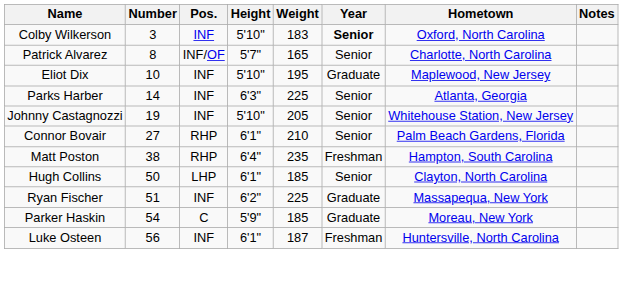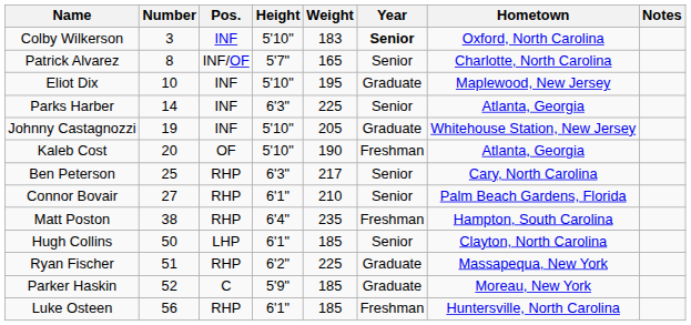 <table class="wikitable sortable sortable" style="text-align: center">
 <tr align=center>
 <th>Name</th>
 <th>Number</th>
 <th>Pos.</th>
 <th>Height</th>
 <th>Weight</th>
 <th>Year</th>
 <th>Hometown</th>
 <th>Notes</th>
 </tr>
 <tr>
 <td>Colby Wilkerson</td>
 <td>3</td>
 <td><a href='#'>INF</a></td>
 <td>5'10"</td>
 <td>183</td>
 <td><strong>Senior</strong></td>
 <td><a href='#'>Oxford, North Carolina</a></td>
 <td></td>
 </tr>
 <tr>
 <td>Patrick Alvarez</td>
 <td>8</td>
 <td>INF/<a href='#'>OF</a></td>
 <td>5'7"</td>
 <td>165</td>
 <td>Senior</td>
 <td><a href='#'>Charlotte, North Carolina</a></td>
 <td></td>
 </tr>
 <tr>
 <td>Eliot Dix</td>
 <td>10</td>
 <td>INF</td>
 <td>5'10"</td>
 <td>195</td>
 <td>Graduate</td>
 <td><a href='#'>Maplewood, New Jersey</a></td>
 <td></td>
 </tr>
 <tr>
 <td>Parks Harber</td>
 <td>14</td>
 <td>INF</td>
 <td>6'3"</td>
 <td>225</td>
 <td>Senior</td>
 <td><a href='#'>Atlanta, Georgia</a></td>
 <td></td>
 </tr>
 <tr>
 <td>Johnny Castagnozzi</td>
 <td>19</td>
 <td>INF</td>
 <td>5'10"</td>
 <td>205</td>
+<td>Graduate</td>
+<td><a href='#'>Whitehouse Station, New Jersey</a></td>
+<td></td>
+</tr>
+<tr>
+<td>Kaleb Cost</td>
+<td>20</td>
+<td>OF</td>
+<td>5'10"</td>
+<td>190</td>
+<td>Freshman</td>
+<td><a href='#'>Atlanta, Georgia</a></td>
+<td></td>
+</tr>
+<tr>
+<td>Ben Peterson</td>
+<td>25</td>
+<td>RHP</td>
+<td>6'3"</td>
+<td>217</td>
 <td>Senior</td>
-<td><a href='#'>Whitehouse Station, New Jersey</a></td>
+<td><a href='#'>Cary, North Carolina</a></td>
 <td></td>
 </tr>
 <tr>
 <td>Connor Bovair</td>
 <td>27</td>
 <td>RHP</td>
 <td>6'1"</td>
 <td>210</td>
 <td>Senior</td>
 <td><a href='#'>Palm Beach Gardens, Florida</a></td>
 <td></td>
 </tr>
 <tr>
 <td>Matt Poston</td>
 <td>38</td>
 <td>RHP</td>
 <td>6'4"</td>
 <td>235</td>
 <td>Freshman</td>
 <td><a href='#'>Hampton, South Carolina</a></td>
 <td></td>
 </tr>
 <tr>
 <td>Hugh Collins</td>
 <td>50</td>
 <td>LHP</td>
 <td>6'1"</td>
 <td>185</td>
 <td>Senior</td>
 <td><a href='#'>Clayton, North Carolina</a></td>
 <td></td>
 </tr>
 <tr>
 <td>Ryan Fischer</td>
 <td>51</td>
-<td>INF</td>
+<td>RHP</td>
 <td>6'2"</td>
 <td>225</td>
 <td>Graduate</td>
 <td><a href='#'>Massapequa, New York</a></td>
 <td></td>
 </tr>
 <tr>
 <td>Parker Haskin</td>
-<td>54</td>
+<td>52</td>
 <td>C</td>
 <td>5'9"</td>
 <td>185</td>
 <td>Graduate</td>
 <td><a href='#'>Moreau, New York</a></td>
 <td></td>
 </tr>
 <tr>
 <td>Luke Osteen</td>
 <td>56</td>
-<td>INF</td>
+<td>RHP</td>
 <td>6'1"</td>
-<td>187</td>
+<td>185</td>
 <td>Freshman</td>
 <td><a href='#'>Huntersville, North Carolina</a></td>
 <td></td>
 </tr>
 </table>
